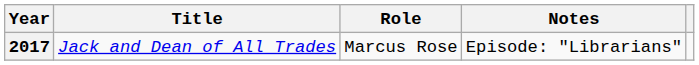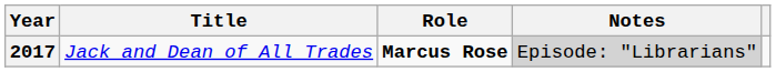 <table class="wikitable sortable plainrowheaders">
 <tr>
 <th scope="col">Year</th>
 <th scope="col">Title</th>
 <th scope="col">Role</th>
 <th class="unsortable">Notes</th>
 <th scope="col" class="unsortable"></th>
 </tr>
 <tr>
 <th scope="row">2017</th>
 <td><em><a href='#'>Jack and Dean of All Trades</a></em></td>
-<td>Marcus Rose</td>
-<td>Episode: "Librarians"</td>
+<td><strong>Marcus Rose</strong></td>
+<td style="background: lightgrey;">Episode: "Librarians"</td>
 <td style="text-align:center;"></td>
 </tr>
 </table>
